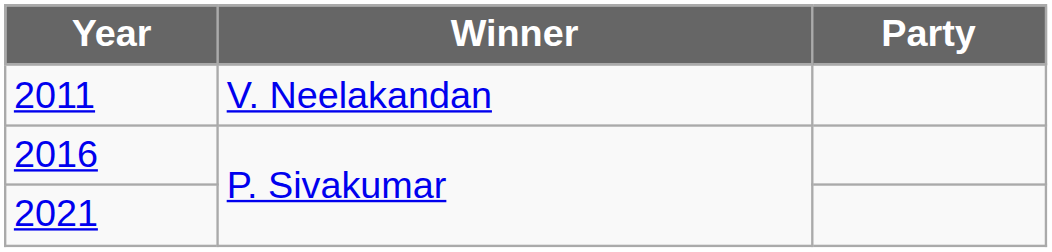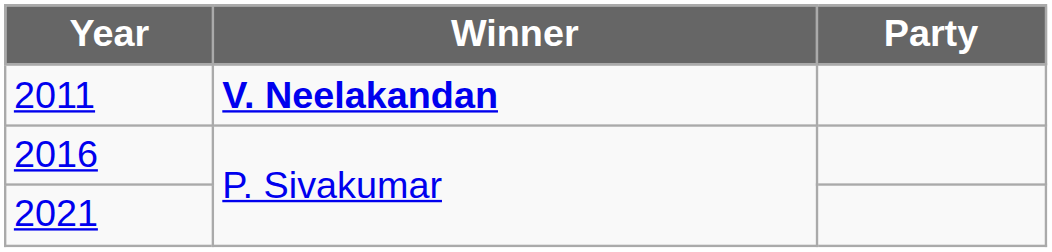 <table class="wikitable sortable" width="50%">
 <tr>
 <th style="background-color:#666666; color:white">Year</th>
 <th style="background-color:#666666; color:white">Winner</th>
 <th style="background-color:#666666; color:white" colspan="2">Party</th>
 </tr>
 <tr>
 <td><a href='#'>2011</a></td>
-<td><a href='#'>V. Neelakandan</a></td>
+<td><strong><a href='#'>V. Neelakandan</a></strong></td>
 <td></td>
 </tr>
 <tr>
 <td><a href='#'>2016</a></td>
 <td rowspan=2><a href='#'>P. Sivakumar</a></td>
 <td></td>
 </tr>
 <tr>
 <td><a href='#'>2021</a></td>
 </tr>
 </table>
